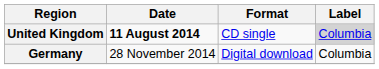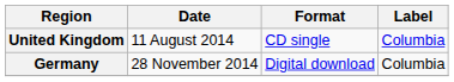 <table class="wikitable sortable plainrowheaders">
 <tr>
 <th>Region</th>
 <th>Date</th>
 <th>Format</th>
 <th>Label</th>
 </tr>
 <tr>
 <th scope="row">United Kingdom</th>
-<td><strong>11 August 2014</strong></td>
+<td>11 August 2014</td>
 <td><a href='#'>CD single</a></td>
-<td style="background: lightgrey;"><a href='#'>Columbia</a></td>
+<td><a href='#'>Columbia</a></td>
 </tr>
 <tr>
 <th scope="row">Germany</th>
 <td>28 November 2014</td>
 <td><a href='#'>Digital download</a></td>
 <td>Columbia</td>
 </tr>
 <tr>
 </tr>
 </table>
